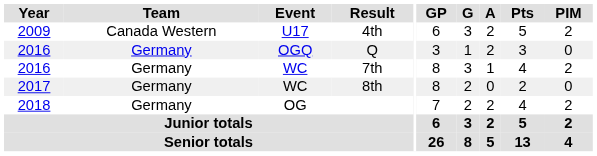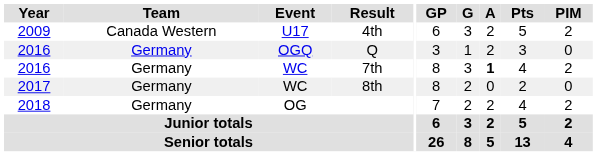 <table border="0" cellpadding="1" cellspacing="0" ID="Table3" style="text-align:center; width:40em">
 <tr ALIGN="center" bgcolor="#e0e0e0">
 <th>Year</th>
 <th>Team</th>
 <th>Event</th>
 <th>Result</th>
 <th rowspan="99" bgcolor="#ffffff"></th>
 <th>GP</th>
 <th>G</th>
 <th>A</th>
 <th>Pts</th>
 <th>PIM</th>
 </tr>
 <tr>
 <td><a href='#'>2009</a></td>
 <td>Canada Western</td>
 <td><a href='#'>U17</a></td>
 <td>4th</td>
 <td>6</td>
 <td>3</td>
 <td>2</td>
 <td>5</td>
 <td>2</td>
 </tr>
 <tr bgcolor="#f0f0f0">
 <td><a href='#'>2016</a></td>
 <td><a href='#'>Germany</a></td>
 <td><a href='#'>OGQ</a></td>
 <td>Q</td>
 <td>3</td>
 <td>1</td>
 <td>2</td>
 <td>3</td>
 <td>0</td>
 </tr>
 <tr>
 <td><a href='#'>2016</a></td>
 <td>Germany</td>
 <td><a href='#'>WC</a></td>
 <td>7th</td>
 <td>8</td>
 <td>3</td>
-<td>1</td>
+<td><strong>1</strong></td>
 <td>4</td>
 <td>2</td>
 </tr>
 <tr bgcolor="#f0f0f0">
 <td><a href='#'>2017</a></td>
 <td>Germany</td>
 <td>WC</td>
 <td>8th</td>
 <td>8</td>
 <td>2</td>
 <td>0</td>
 <td>2</td>
 <td>0</td>
 </tr>
 <tr>
 <td><a href='#'>2018</a></td>
 <td>Germany</td>
 <td>OG</td>
 <td></td>
 <td>7</td>
 <td>2</td>
 <td>2</td>
 <td>4</td>
 <td>2</td>
 </tr>
 <tr bgcolor="#e0e0e0">
 <th colspan="4">Junior totals</th>
 <th>6</th>
 <th>3</th>
 <th>2</th>
 <th>5</th>
 <th>2</th>
 </tr>
 <tr bgcolor="#e0e0e0">
 <th colspan="4">Senior totals</th>
 <th>26</th>
 <th>8</th>
 <th>5</th>
 <th>13</th>
 <th>4</th>
 </tr>
 </table>
